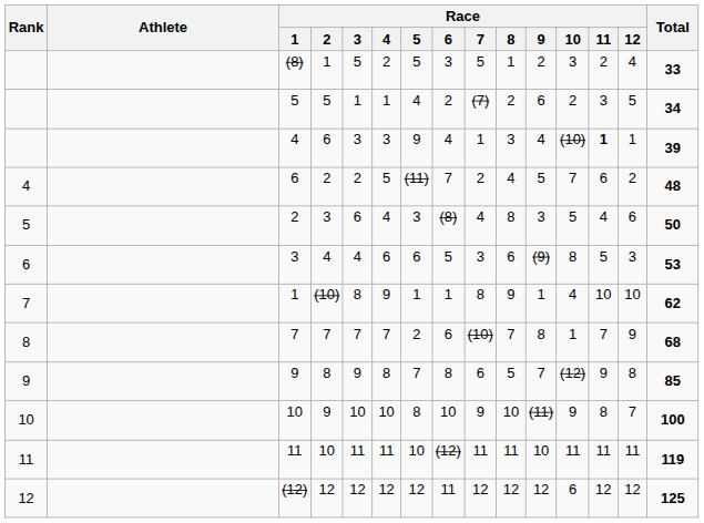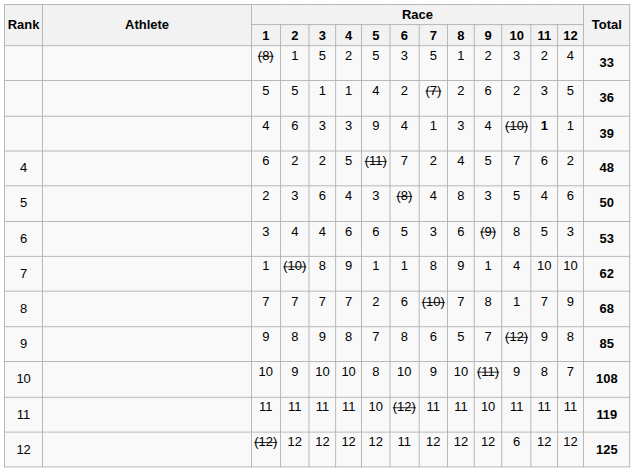 <table | class="wikitable" style="text-align:center">
 <tr>
 <th rowspan="2" width=40>Rank</th>
 <th rowspan="2" width=250>Athlete</th>
 <th colspan="12">Race</th>
 <th rowspan="2" width=50>Total</th>
 </tr>
 <tr>
 <th width=25>1</th>
 <th width=25>2</th>
 <th width=25>3</th>
 <th width=25>4</th>
 <th width=25>5</th>
 <th width=25>6</th>
 <th width=25>7</th>
 <th width=25>8</th>
 <th width=25>9</th>
 <th width=25>10</th>
 <th width=25>11</th>
 <th width=25>12</th>
 </tr>
 <tr>
 <td></td>
 <td align=left></td>
 <td><s>(8)</s><br> </td>
 <td>1<br> </td>
 <td>5<br> </td>
 <td>2<br> </td>
 <td>5<br> </td>
 <td>3<br> </td>
 <td>5<br> </td>
 <td>1<br> </td>
 <td>2<br> </td>
 <td>3<br> </td>
 <td>2<br> </td>
 <td>4<br> </td>
 <td><strong>33</strong></td>
 </tr>
 <tr>
 <td></td>
 <td align=left></td>
 <td>5<br> </td>
 <td>5<br> </td>
 <td>1<br> </td>
 <td>1<br> </td>
 <td>4<br> </td>
 <td>2<br> </td>
 <td><s>(7)</s><br> </td>
 <td>2<br> </td>
 <td>6<br> </td>
 <td>2<br> </td>
 <td>3<br> </td>
 <td>5<br> </td>
-<td><strong>34</strong></td>
+<td><strong>36</strong></td>
 </tr>
 <tr>
 <td></td>
 <td align=left></td>
 <td>4<br> </td>
 <td>6<br> </td>
 <td>3<br> </td>
 <td>3<br> </td>
 <td>9<br> </td>
 <td>4<br> </td>
 <td>1<br> </td>
 <td>3<br> </td>
 <td>4<br> </td>
 <td><s>(10)</s><br> </td>
 <td><strong>1<br> </strong></td>
 <td>1<br> </td>
 <td><strong>39</strong></td>
 </tr>
 <tr>
 <td>4</td>
 <td align=left></td>
 <td>6<br> </td>
 <td>2<br> </td>
 <td>2<br> </td>
 <td>5<br> </td>
 <td><s>(11)</s><br> </td>
 <td>7<br> </td>
 <td>2<br> </td>
 <td>4<br> </td>
 <td>5<br> </td>
 <td>7<br> </td>
 <td>6<br> </td>
 <td>2<br> </td>
 <td><strong>48</strong></td>
 </tr>
 <tr>
 <td>5</td>
 <td align=left></td>
 <td>2<br> </td>
 <td>3<br> </td>
 <td>6<br> </td>
 <td>4<br> </td>
 <td>3<br> </td>
 <td><s>(8)</s><br> </td>
 <td>4<br> </td>
 <td>8<br> </td>
 <td>3<br> </td>
 <td>5<br> </td>
 <td>4<br> </td>
 <td>6<br> </td>
 <td><strong>50</strong></td>
 </tr>
 <tr>
 <td>6</td>
 <td align=left></td>
 <td>3<br> </td>
 <td>4<br> </td>
 <td>4<br> </td>
 <td>6<br> </td>
 <td>6<br> </td>
 <td>5<br> </td>
 <td>3<br> </td>
 <td>6<br> </td>
 <td><s>(9)</s><br> </td>
 <td>8<br> </td>
 <td>5<br> </td>
 <td>3<br> </td>
 <td><strong>53</strong></td>
 </tr>
 <tr>
 <td>7</td>
 <td align=left></td>
 <td>1<br> </td>
 <td><s>(10)</s><br> </td>
 <td>8<br> </td>
 <td>9<br> </td>
 <td>1<br> </td>
 <td>1<br> </td>
 <td>8<br> </td>
 <td>9<br> </td>
 <td>1<br> </td>
 <td>4<br> </td>
 <td>10<br> </td>
 <td>10<br> </td>
 <td><strong>62</strong></td>
 </tr>
 <tr>
 <td>8</td>
 <td align=left></td>
 <td>7<br> </td>
 <td>7<br> </td>
 <td>7<br> </td>
 <td>7<br> </td>
 <td>2<br> </td>
 <td>6<br> </td>
 <td><s>(10)</s><br> </td>
 <td>7<br> </td>
 <td>8<br> </td>
 <td>1<br> </td>
 <td>7<br> </td>
 <td>9<br> </td>
 <td><strong>68</strong></td>
 </tr>
 <tr>
 <td>9</td>
 <td align=left></td>
 <td>9<br> </td>
 <td>8<br> </td>
 <td>9<br> </td>
 <td>8<br> </td>
 <td>7<br> </td>
 <td>8<br> </td>
 <td>6<br> </td>
 <td>5<br> </td>
 <td>7<br> </td>
 <td><s>(12)</s><br> </td>
 <td>9<br> </td>
 <td>8<br> </td>
 <td><strong>85</strong></td>
 </tr>
 <tr>
 <td>10</td>
 <td align=left></td>
 <td>10<br> </td>
 <td>9<br> </td>
 <td>10<br> </td>
 <td>10<br> </td>
 <td>8<br> </td>
 <td>10<br> </td>
 <td>9<br> </td>
 <td>10<br> </td>
 <td><s>(11)</s><br> </td>
 <td>9<br> </td>
 <td>8<br> </td>
 <td>7<br> </td>
-<td><strong>100</strong></td>
+<td><strong>108</strong></td>
 </tr>
 <tr>
 <td>11</td>
 <td align=left></td>
 <td>11<br> </td>
-<td>10<br> </td>
+<td>11<br> </td>
 <td>11<br> </td>
 <td>11<br> </td>
 <td>10<br> </td>
 <td><s>(12)</s><br> </td>
 <td>11<br> </td>
 <td>11<br> </td>
 <td>10<br> </td>
 <td>11<br> </td>
 <td>11<br> </td>
 <td>11<br> </td>
 <td><strong>119</strong></td>
 </tr>
 <tr>
 <td>12</td>
 <td align=left></td>
 <td><s>(12)</s><br> </td>
 <td>12<br> </td>
 <td>12<br> </td>
 <td>12<br> </td>
 <td>12<br> </td>
 <td>11<br> </td>
 <td>12<br> </td>
 <td>12<br> </td>
 <td>12<br> </td>
 <td>6<br> </td>
 <td>12<br> </td>
 <td>12<br> </td>
 <td><strong>125</strong></td>
 </tr>
 </table>
